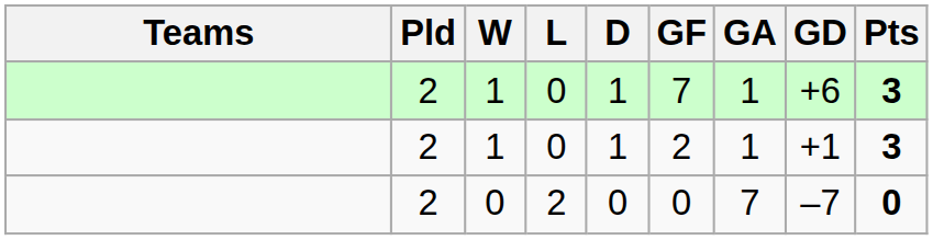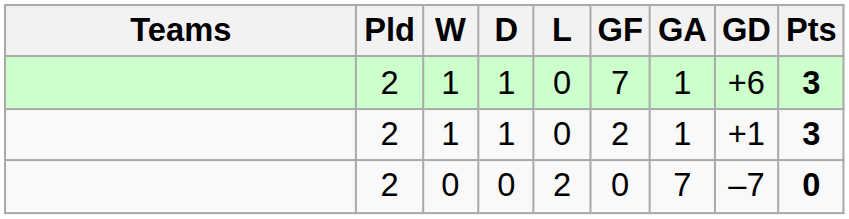 <table class="wikitable" style="text-align: center;">
 <tr>
 <th width=165>Teams</th>
 <th width=20>Pld</th>
 <th width=20>W</th>
+<th width=20>D</th>
 <th width=20>L</th>
-<th width=20>D</th>
 <th width=20>GF</th>
 <th width=20>GA</th>
 <th width=20>GD</th>
 <th width=20>Pts</th>
 </tr>
 <tr align=center style="background:#ccffcc;">
 <td style="text-align:left;"></td>
 <td>2</td>
 <td>1</td>
+<td>1</td>
 <td>0</td>
-<td>1</td>
 <td>7</td>
 <td>1</td>
 <td>+6</td>
 <td><strong>3</strong></td>
 </tr>
 <tr align=center>
 <td style="text-align:left;"></td>
 <td>2</td>
 <td>1</td>
+<td>1</td>
 <td>0</td>
-<td>1</td>
 <td>2</td>
 <td>1</td>
 <td>+1</td>
 <td><strong>3</strong></td>
 </tr>
 <tr align=center>
 <td style="text-align:left;"></td>
 <td>2</td>
 <td>0</td>
+<td>0</td>
 <td>2</td>
-<td>0</td>
 <td>0</td>
 <td>7</td>
 <td>–7</td>
 <td><strong>0</strong></td>
 </tr>
 </table>
